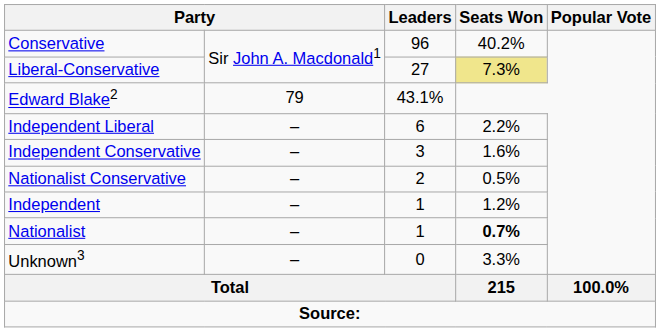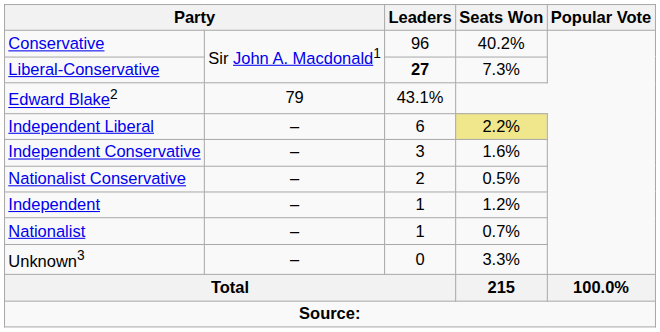 <table class="wikitable">
 <tr>
 <th colspan="2">Party</th>
 <th>Leaders</th>
 <th>Seats Won</th>
 <th>Popular Vote</th>
 </tr>
 <tr>
 <td><a href='#'>Conservative</a></td>
 <td rowspan=2>Sir <a href='#'>John A. Macdonald</a><sup>1</sup></td>
 <td align=center>96</td>
 <td align=center>40.2%</td>
 </tr>
 <tr>
 <td><a href='#'>Liberal-Conservative</a></td>
-<td align=center>27</td>
-<td align=center style="background: khaki;">7.3%</td>
+<td align=center><strong>27</strong></td>
+<td align=center>7.3%</td>
 </tr>
 <tr>
 <td><a href='#'>Edward Blake</a><sup>2</sup></td>
 <td align=center>79</td>
 <td align=center>43.1%</td>
 </tr>
 <tr>
 <td><a href='#'>Independent Liberal</a></td>
 <td align=center>–</td>
 <td align=center>6</td>
-<td align=center>2.2%</td>
+<td align=center style="background: khaki;">2.2%</td>
 </tr>
 <tr>
 <td><a href='#'>Independent Conservative</a></td>
 <td align=center>–</td>
 <td align=center>3</td>
 <td align=center>1.6%</td>
 </tr>
 <tr>
 <td><a href='#'>Nationalist Conservative</a></td>
 <td align=center>–</td>
 <td align=center>2</td>
 <td align=center>0.5%</td>
 </tr>
 <tr>
 <td><a href='#'>Independent</a></td>
 <td align=center>–</td>
 <td align=center>1</td>
 <td align=center>1.2%</td>
 </tr>
 <tr>
 <td><a href='#'>Nationalist</a></td>
 <td align=center>–</td>
 <td align=center>1</td>
-<td align=center><strong>0.7%</strong></td>
+<td align=center>0.7%</td>
 </tr>
 <tr>
 <td>Unknown<sup>3</sup></td>
 <td align=center>–</td>
 <td align=center>0</td>
 <td align=center>3.3%</td>
 </tr>
 <tr>
 <th colspan=3 align=left>Total</th>
 <th align=right>215</th>
 <th align=right>100.0%</th>
 </tr>
 <tr>
 <td align="center" colspan=5><strong>Source:</strong>  </td>
 </tr>
 </table>
